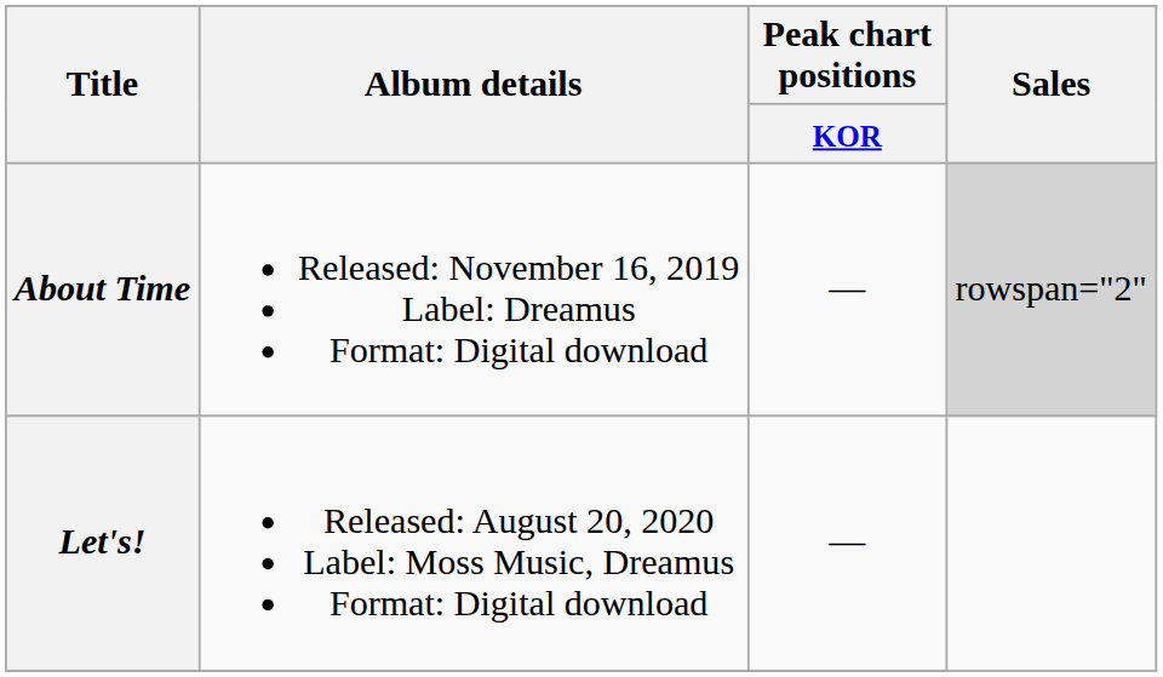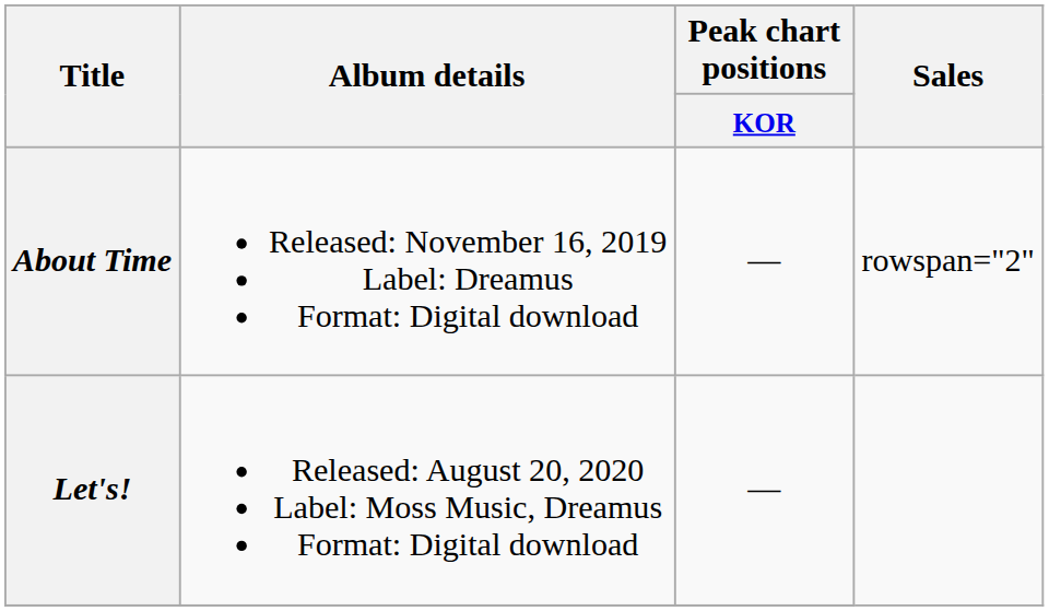 <table class="wikitable plainrowheaders" style="text-align:center;">
 <tr>
 <th scope="col" rowspan="2">Title</th>
 <th scope="col" rowspan="2">Album details</th>
 <th scope="col" colspan="1" style="width:5em;">Peak chart positions</th>
 <th scope="col" rowspan="2">Sales</th>
 </tr>
 <tr>
 <th><small><a href='#'>KOR</a></small><br></th>
 </tr>
 <tr>
 <th scope="row"><em>About Time</em></th>
 <td><br><ul><li>Released: November 16, 2019</li><li>Label: Dreamus</li><li>Format: Digital download</li></ul></td>
 <td>—</td>
-<td style="background: lightgrey;">rowspan="2" </td>
+<td>rowspan="2" </td>
 </tr>
 <tr>
 <th scope="row"><em>Let's!</em></th>
 <td><br><ul><li>Released: August 20, 2020</li><li>Label: Moss Music, Dreamus</li><li>Format: Digital download</li></ul></td>
 <td>—</td>
 </tr>
 <tr>
 </tr>
 </table>
